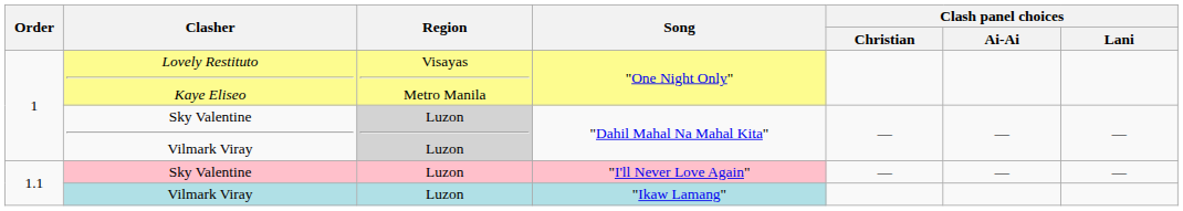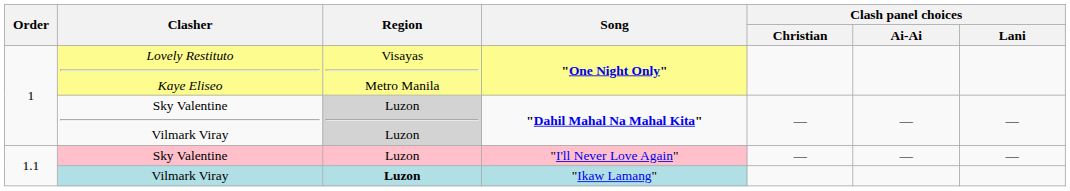 <table class="wikitable" style="text-align:center; line-height:17px; width:100%;">
 <tr>
 <th rowspan="2" width="5%">Order</th>
 <th rowspan="2" width="25%">Clasher</th>
 <th rowspan="2">Region</th>
 <th rowspan="2" width="25%">Song</th>
 <th colspan="3" width="30%">Clash panel choices</th>
 </tr>
 <tr>
 <th width="10%">Christian</th>
 <th width="10%">Ai-Ai</th>
 <th width="10%">Lani</th>
 </tr>
 <tr>
 <td rowspan="2">1</td>
 <td style="background:#fdfc8f;"><em>Lovely Restituto</em><hr><em>Kaye Eliseo</em></td>
 <td style="background:#fdfc8f;">Visayas<hr>Metro Manila</td>
-<td style="background:#fdfc8f;">"<a href='#'>One Night Only</a>"</td>
+<td style="background:#fdfc8f;"><strong>"<a href='#'>One Night Only</a>"</strong></td>
 <td><strong></strong></td>
 <td><strong></strong></td>
 <td><strong></strong></td>
 </tr>
 <tr>
 <td>Sky Valentine<hr>Vilmark Viray</td>
 <td style="background: lightgrey;">Luzon<hr>Luzon</td>
-<td>"<a href='#'>Dahil Mahal Na Mahal Kita</a>"</td>
+<td><strong>"<a href='#'>Dahil Mahal Na Mahal Kita</a>"</strong></td>
 <td>—</td>
 <td>—</td>
 <td>—</td>
 </tr>
 <tr>
 <td rowspan="2">1.1</td>
 <td style="background:pink;">Sky Valentine</td>
 <td style="background:pink;">Luzon</td>
 <td style="background:pink;">"<a href='#'>I'll Never Love Again</a>"</td>
 <td>—</td>
 <td>—</td>
 <td>—</td>
 </tr>
 <tr>
 <td style="background:#b0e0e6;">Vilmark Viray</td>
-<td style="background:#b0e0e6;">Luzon</td>
+<td style="background:#b0e0e6;"><strong>Luzon</strong></td>
 <td style="background:#b0e0e6;">"<a href='#'>Ikaw Lamang</a>"</td>
 <td><strong></strong></td>
 <td><strong></strong></td>
 <td><strong></strong></td>
 </tr>
 </table>
